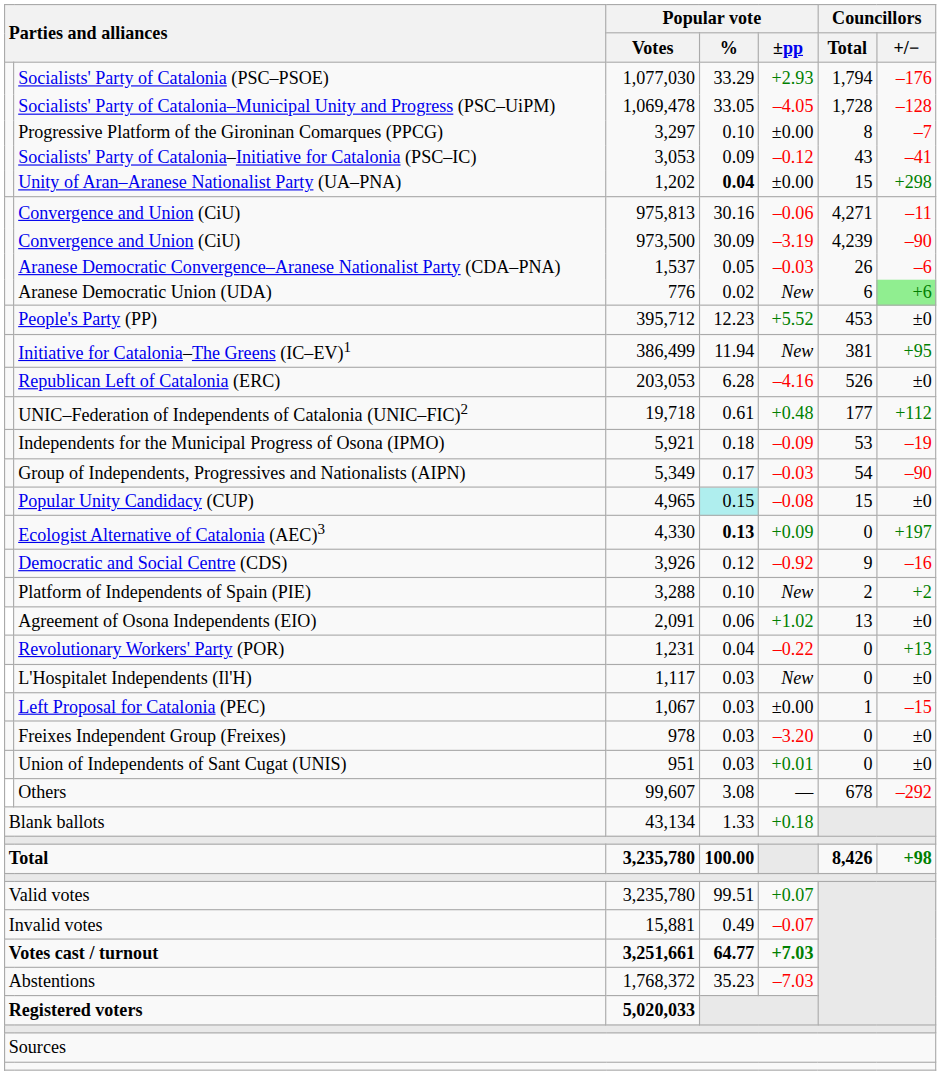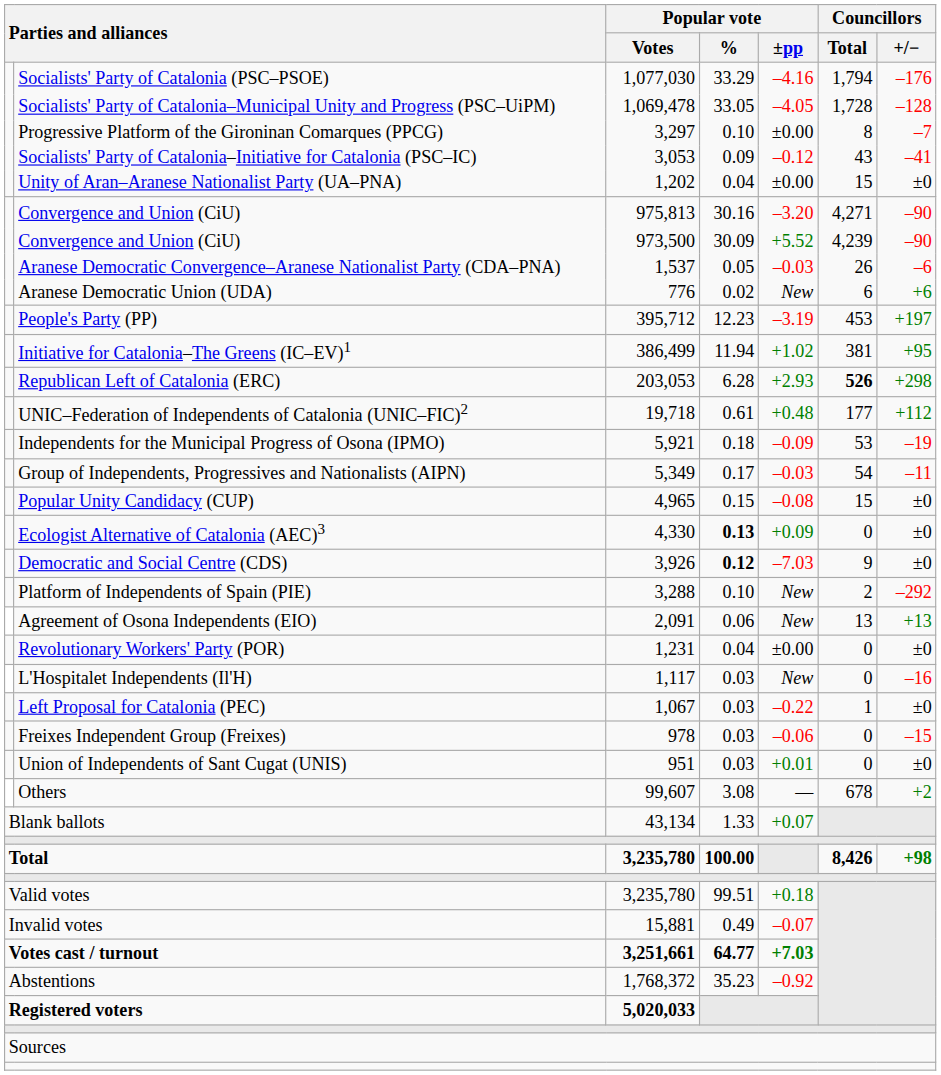 <table class="wikitable" style="text-align:right;">
 <tr>
 <th style="text-align:left;" rowspan="2" colspan="2" width="525">Parties and alliances</th>
 <th colspan="3">Popular vote</th>
 <th colspan="2">Councillors</th>
 </tr>
 <tr>
 <th width="75">Votes</th>
 <th width="45">%</th>
 <th width="45">±<a href='#'>pp</a></th>
 <th width="45">Total</th>
 <th width="45">+/−</th>
 </tr>
 <tr style="line-height:22px;">
 <td width="1" rowspan="5"></td>
 <td align="left"><a href='#'>Socialists' Party of Catalonia</a> (PSC–PSOE)</td>
 <td>1,077,030</td>
 <td>33.29</td>
-<td style="color:green;">+2.93</td>
+<td style="color:red;">–4.16</td>
 <td>1,794</td>
 <td style="color:red;">–176</td>
 </tr>
 <tr style="border-bottom-style:hidden; border-top-style:hidden; line-height:16px;">
 <td align="left"><span><a href='#'>Socialists' Party of Catalonia–Municipal Unity and Progress</a> (PSC–UiPM)</span></td>
 <td>1,069,478</td>
 <td>33.05</td>
 <td style="color:red;">–4.05</td>
 <td>1,728</td>
 <td style="color:red;">–128</td>
 </tr>
 <tr style="border-bottom-style:hidden; line-height:16px;">
 <td align="left"><span>Progressive Platform of the Gironinan Comarques (PPCG)</span></td>
 <td>3,297</td>
 <td>0.10</td>
 <td>±0.00</td>
 <td>8</td>
 <td style="color:red;">–7</td>
 </tr>
 <tr style="border-bottom-style:hidden; line-height:16px;">
 <td align="left"><span><a href='#'>Socialists' Party of Catalonia</a>–<a href='#'>Initiative for Catalonia</a> (PSC–IC)</span></td>
 <td>3,053</td>
 <td>0.09</td>
 <td style="color:red;">–0.12</td>
 <td>43</td>
 <td style="color:red;">–41</td>
 </tr>
 <tr style="line-height:16px;">
 <td align="left"><span><a href='#'>Unity of Aran–Aranese Nationalist Party</a> (UA–PNA)</span></td>
 <td>1,202</td>
-<td><strong>0.04</strong></td>
+<td>0.04</td>
 <td>±0.00</td>
 <td>15</td>
-<td style="color:green;">+298</td>
+<td>±0</td>
 </tr>
 <tr style="line-height:22px;">
 <td rowspan="4" style="color:inherit;background:"></td>
 <td align="left"><a href='#'>Convergence and Union</a> (CiU)</td>
 <td>975,813</td>
 <td>30.16</td>
-<td style="color:red;">–0.06</td>
+<td style="color:red;">–3.20</td>
 <td>4,271</td>
-<td style="color:red;">–11</td>
+<td style="color:red;">–90</td>
 </tr>
 <tr style="border-bottom-style:hidden; border-top-style:hidden; line-height:16px;">
 <td align="left"><span><a href='#'>Convergence and Union</a> (CiU)</span></td>
 <td>973,500</td>
 <td>30.09</td>
-<td style="color:red;">–3.19</td>
+<td style="color:green;">+5.52</td>
 <td>4,239</td>
 <td style="color:red;">–90</td>
 </tr>
 <tr style="border-bottom-style:hidden; line-height:16px;">
 <td align="left"><span><a href='#'>Aranese Democratic Convergence–Aranese Nationalist Party</a> (CDA–PNA)</span></td>
 <td>1,537</td>
 <td>0.05</td>
 <td style="color:red;">–0.03</td>
 <td>26</td>
 <td style="color:red;">–6</td>
 </tr>
 <tr style="line-height:16px;">
 <td align="left"><span>Aranese Democratic Union (UDA)</span></td>
 <td>776</td>
 <td>0.02</td>
 <td><em>New</em></td>
 <td>6</td>
-<td style="background: lightgreen; color:green;">+6</td>
+<td style="color:green;">+6</td>
 </tr>
 <tr>
 <td style="color:inherit;background:"></td>
 <td align="left"><a href='#'>People's Party</a> (PP)</td>
 <td>395,712</td>
 <td>12.23</td>
-<td style="color:green;">+5.52</td>
+<td style="color:red;">–3.19</td>
 <td>453</td>
-<td>±0</td>
+<td style="color:green;">+197</td>
 </tr>
 <tr>
 <td style="color:inherit;background:"></td>
 <td align="left"><a href='#'>Initiative for Catalonia</a>–<a href='#'>The Greens</a> (IC–EV)<sup>1</sup></td>
 <td>386,499</td>
 <td>11.94</td>
-<td><em>New</em></td>
+<td style="color:green;">+1.02</td>
 <td>381</td>
 <td style="color:green;">+95</td>
 </tr>
 <tr>
 <td style="color:inherit;background:"></td>
 <td align="left"><a href='#'>Republican Left of Catalonia</a> (ERC)</td>
 <td>203,053</td>
 <td>6.28</td>
-<td style="color:red;">–4.16</td>
-<td>526</td>
-<td>±0</td>
+<td style="color:green;">+2.93</td>
+<td><strong>526</strong></td>
+<td style="color:green;">+298</td>
 </tr>
 <tr>
 <td style="color:inherit;background:"></td>
 <td align="left">UNIC–Federation of Independents of Catalonia (UNIC–FIC)<sup>2</sup></td>
 <td>19,718</td>
 <td>0.61</td>
 <td style="color:green;">+0.48</td>
 <td>177</td>
 <td style="color:green;">+112</td>
 </tr>
 <tr>
 <td style="color:inherit;background:"></td>
 <td align="left">Independents for the Municipal Progress of Osona (IPMO)</td>
 <td>5,921</td>
 <td>0.18</td>
 <td style="color:red;">–0.09</td>
 <td>53</td>
 <td style="color:red;">–19</td>
 </tr>
 <tr>
 <td style="color:inherit;background:"></td>
 <td align="left">Group of Independents, Progressives and Nationalists (AIPN)</td>
 <td>5,349</td>
 <td>0.17</td>
 <td style="color:red;">–0.03</td>
 <td>54</td>
-<td style="color:red;">–90</td>
+<td style="color:red;">–11</td>
 </tr>
 <tr>
 <td style="color:inherit;background:"></td>
 <td align="left"><a href='#'>Popular Unity Candidacy</a> (CUP)</td>
 <td>4,965</td>
-<td style="background: paleturquoise;">0.15</td>
+<td>0.15</td>
 <td style="color:red;">–0.08</td>
 <td>15</td>
 <td>±0</td>
 </tr>
 <tr>
 <td style="color:inherit;background:"></td>
 <td align="left"><a href='#'>Ecologist Alternative of Catalonia</a> (AEC)<sup>3</sup></td>
 <td>4,330</td>
 <td><strong>0.13</strong></td>
 <td style="color:green;">+0.09</td>
 <td>0</td>
-<td style="color:green;">+197</td>
+<td>±0</td>
 </tr>
 <tr>
 <td style="color:inherit;background:"></td>
 <td align="left"><a href='#'>Democratic and Social Centre</a> (CDS)</td>
 <td>3,926</td>
-<td>0.12</td>
-<td style="color:red;">–0.92</td>
+<td><strong>0.12</strong></td>
+<td style="color:red;">–7.03</td>
 <td>9</td>
-<td style="color:red;">–16</td>
+<td>±0</td>
 </tr>
 <tr>
 <td style="color:inherit;background:"></td>
 <td align="left">Platform of Independents of Spain (PIE)</td>
 <td>3,288</td>
 <td>0.10</td>
 <td><em>New</em></td>
 <td>2</td>
-<td style="color:green;">+2</td>
+<td style="color:red;">–292</td>
 </tr>
 <tr>
 <td bgcolor="white"></td>
 <td align="left">Agreement of Osona Independents (EIO)</td>
 <td>2,091</td>
 <td>0.06</td>
-<td style="color:green;">+1.02</td>
+<td><em>New</em></td>
 <td>13</td>
-<td>±0</td>
+<td style="color:green;">+13</td>
 </tr>
 <tr>
 <td style="color:inherit;background:"></td>
 <td align="left"><a href='#'>Revolutionary Workers' Party</a> (POR)</td>
 <td>1,231</td>
 <td>0.04</td>
-<td style="color:red;">–0.22</td>
+<td>±0.00</td>
 <td>0</td>
-<td style="color:green;">+13</td>
+<td>±0</td>
 </tr>
 <tr>
 <td bgcolor="white"></td>
 <td align="left">L'Hospitalet Independents (Il'H)</td>
 <td>1,117</td>
 <td>0.03</td>
 <td><em>New</em></td>
 <td>0</td>
-<td>±0</td>
+<td style="color:red;">–16</td>
 </tr>
 <tr>
 <td style="color:inherit;background:"></td>
 <td align="left"><a href='#'>Left Proposal for Catalonia</a> (PEC)</td>
 <td>1,067</td>
 <td>0.03</td>
-<td>±0.00</td>
+<td style="color:red;">–0.22</td>
 <td>1</td>
-<td style="color:red;">–15</td>
+<td>±0</td>
 </tr>
 <tr>
 <td style="color:inherit;background:"></td>
 <td align="left">Freixes Independent Group (Freixes)</td>
 <td>978</td>
 <td>0.03</td>
-<td style="color:red;">–3.20</td>
+<td style="color:red;">–0.06</td>
 <td>0</td>
-<td>±0</td>
+<td style="color:red;">–15</td>
 </tr>
 <tr>
 <td style="color:inherit;background:"></td>
 <td align="left">Union of Independents of Sant Cugat (UNIS)</td>
 <td>951</td>
 <td>0.03</td>
 <td style="color:green;">+0.01</td>
 <td>0</td>
 <td>±0</td>
 </tr>
 <tr>
 <td bgcolor="white"></td>
 <td align="left">Others</td>
 <td>99,607</td>
 <td>3.08</td>
 <td>—</td>
 <td>678</td>
-<td style="color:red;">–292</td>
+<td style="color:green;">+2</td>
 </tr>
 <tr>
 <td align="left" colspan="2">Blank ballots</td>
 <td>43,134</td>
 <td>1.33</td>
-<td style="color:green;">+0.18</td>
+<td style="color:green;">+0.07</td>
 <td style="color:inherit;background:#E9E9E9" colspan="2"></td>
 </tr>
 <tr>
 <td colspan="7" style="color:inherit;background:#E9E9E9"></td>
 </tr>
 <tr style="font-weight:bold;">
 <td align="left" colspan="2">Total</td>
 <td>3,235,780</td>
 <td>100.00</td>
 <td bgcolor="#E9E9E9"></td>
 <td>8,426</td>
 <td style="color:green;">+98</td>
 </tr>
 <tr>
 <td colspan="7" style="color:inherit;background:#E9E9E9"></td>
 </tr>
 <tr>
 <td align="left" colspan="2">Valid votes</td>
 <td>3,235,780</td>
 <td>99.51</td>
-<td style="color:green;">+0.07</td>
+<td style="color:green;">+0.18</td>
 <td bgcolor="#E9E9E9" colspan="2" rowspan="5"></td>
 </tr>
 <tr>
 <td align="left" colspan="2">Invalid votes</td>
 <td>15,881</td>
 <td>0.49</td>
 <td style="color:red;">–0.07</td>
 </tr>
 <tr style="font-weight:bold;">
 <td align="left" colspan="2">Votes cast / turnout</td>
 <td>3,251,661</td>
 <td>64.77</td>
 <td style="color:green;">+7.03</td>
 </tr>
 <tr>
 <td align="left" colspan="2">Abstentions</td>
 <td>1,768,372</td>
 <td>35.23</td>
-<td style="color:red;">–7.03</td>
+<td style="color:red;">–0.92</td>
 </tr>
 <tr style="font-weight:bold;">
 <td align="left" colspan="2">Registered voters</td>
 <td>5,020,033</td>
 <td bgcolor="#E9E9E9" colspan="2"></td>
 </tr>
 <tr>
 <td colspan="7" style="color:inherit;background:#E9E9E9"></td>
 </tr>
 <tr>
 <td align="left" colspan="7">Sources</td>
 </tr>
 <tr>
 <td colspan="7" style="text-align:left; max-width:790px;"></td>
 </tr>
 </table>
